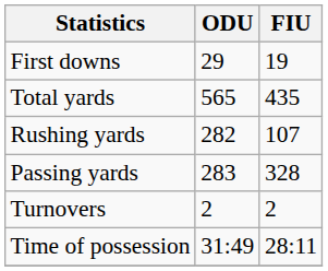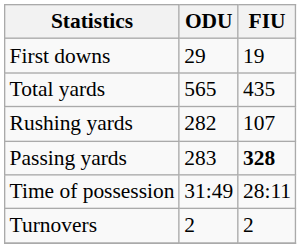 <table class="wikitable">
 <tr>
 <th>Statistics</th>
 <th>ODU</th>
 <th>FIU</th>
 </tr>
 <tr>
 <td>First downs</td>
 <td>29</td>
 <td>19</td>
 </tr>
 <tr>
 <td>Total yards</td>
 <td>565</td>
 <td>435</td>
 </tr>
 <tr>
 <td>Rushing yards</td>
 <td>282</td>
 <td>107</td>
 </tr>
 <tr>
 <td>Passing yards</td>
 <td>283</td>
-<td>328</td>
+<td><strong>328</strong></td>
+</tr>
+<tr>
+<td>Time of possession</td>
+<td>31:49</td>
+<td>28:11</td>
 </tr>
 <tr>
 <td>Turnovers</td>
 <td>2</td>
 <td>2</td>
 </tr>
 <tr>
-<td>Time of possession</td>
-<td>31:49</td>
-<td>28:11</td>
-</tr>
-<tr>
 </tr>
 </table>
